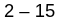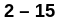 <table style="text-align:center">
 <tr>
 <th width=200></th>
 <th width=100></th>
 <th width=200></th>
 </tr>
 <tr>
 <td align=right></td>
-<td>2 – 15</td>
+<td><strong>2 – 15</strong></td>
 <td align=left><strong></strong></td>
 </tr>
 </table>
